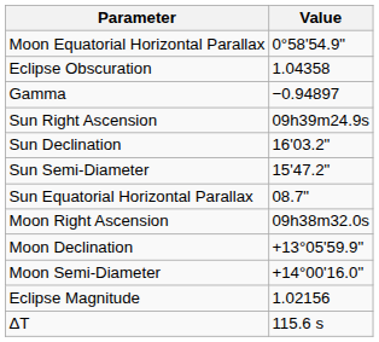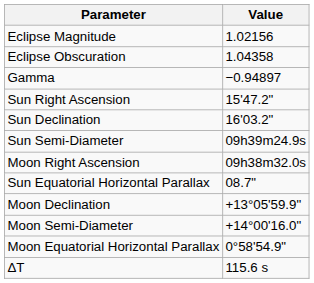 <table class="wikitable">
 <tr>
 <th>Parameter</th>
 <th>Value</th>
 </tr>
 <tr>
-<td>Moon Equatorial Horizontal Parallax</td>
-<td>0°58'54.9"</td>
+<td>Eclipse Magnitude</td>
+<td>1.02156</td>
 </tr>
 <tr>
 <td>Eclipse Obscuration</td>
 <td>1.04358</td>
 </tr>
 <tr>
 <td>Gamma</td>
 <td>−0.94897</td>
 </tr>
 <tr>
 <td>Sun Right Ascension</td>
-<td>09h39m24.9s</td>
+<td>15'47.2"</td>
 </tr>
 <tr>
 <td>Sun Declination</td>
 <td>16'03.2"</td>
 </tr>
 <tr>
 <td>Sun Semi-Diameter</td>
-<td>15'47.2"</td>
+<td>09h39m24.9s</td>
+</tr>
+<tr>
+<td>Moon Right Ascension</td>
+<td>09h38m32.0s</td>
 </tr>
 <tr>
 <td>Sun Equatorial Horizontal Parallax</td>
 <td>08.7"</td>
-</tr>
-<tr>
-<td>Moon Right Ascension</td>
-<td>09h38m32.0s</td>
 </tr>
 <tr>
 <td>Moon Declination</td>
 <td>+13°05'59.9"</td>
 </tr>
 <tr>
 <td>Moon Semi-Diameter</td>
 <td>+14°00'16.0"</td>
 </tr>
 <tr>
-<td>Eclipse Magnitude</td>
-<td>1.02156</td>
+<td>Moon Equatorial Horizontal Parallax</td>
+<td>0°58'54.9"</td>
 </tr>
 <tr>
 <td>ΔT</td>
 <td>115.6 s</td>
 </tr>
 </table>
